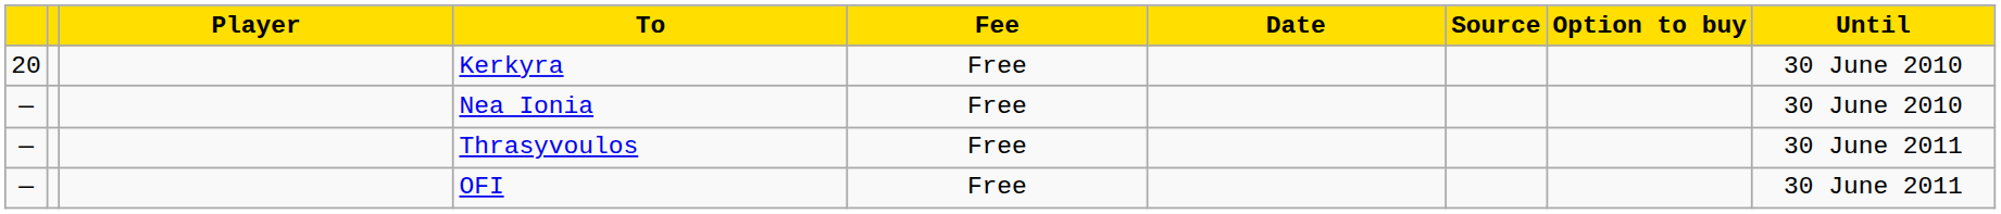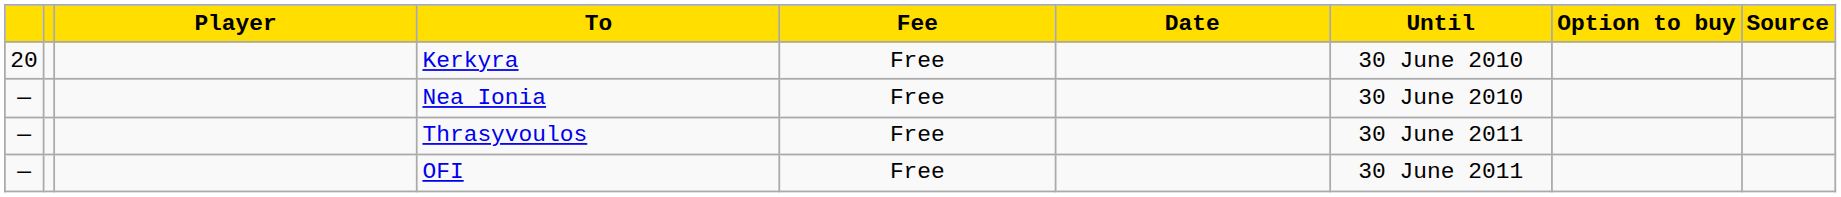 <table class="wikitable sortable">
 <tr>
 <th style="background:#FFDE00"></th>
 <th style="background:#FFDE00"></th>
 <th width=200 style="background:#FFDE00">Player</th>
 <th width=200 style="background:#FFDE00">To</th>
 <th width=150 style="background:#FFDE00">Fee</th>
 <th width=150 style="background:#FFDE00">Date</th>
+<th width=120 style="background:#FFDE00">Until</th>
+<th style="background:#FFDE00">Option to buy</th>
 <th style="background:#FFDE00">Source</th>
-<th style="background:#FFDE00">Option to buy</th>
-<th width=120 style="background:#FFDE00">Until</th>
 </tr>
 <tr>
 <td align=center>20</td>
 <td align=center></td>
 <td></td>
 <td> <a href='#'>Kerkyra</a></td>
 <td align=center>Free</td>
 <td align=center></td>
+<td align=center>30 June 2010</td>
 <td align=center></td>
 <td align=center></td>
-<td align=center>30 June 2010</td>
 </tr>
 <tr>
 <td align=center>—</td>
 <td align=center></td>
 <td></td>
 <td> <a href='#'>Nea Ionia</a></td>
 <td align=center>Free</td>
 <td align=center></td>
+<td align=center>30 June 2010</td>
 <td align=center></td>
 <td align=center></td>
-<td align=center>30 June 2010</td>
 </tr>
 <tr>
 <td align=center>—</td>
 <td align=center></td>
 <td></td>
 <td> <a href='#'>Thrasyvoulos</a></td>
 <td align=center>Free</td>
 <td align=center></td>
+<td align=center>30 June 2011</td>
 <td align=center></td>
 <td align=center></td>
-<td align=center>30 June 2011</td>
 </tr>
 <tr>
 <td align=center>—</td>
 <td align=center></td>
 <td></td>
 <td> <a href='#'>OFI</a></td>
 <td align=center>Free</td>
 <td align=center></td>
+<td align=center>30 June 2011</td>
 <td align=center></td>
 <td align=center></td>
-<td align=center>30 June 2011</td>
 </tr>
 </table>
